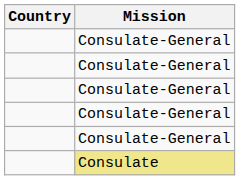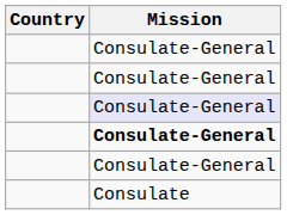 <table class=wikitable>
 <tr>
 <th>Country</th>
 <th>Mission</th>
 </tr>
 <tr>
 <td></td>
 <td>Consulate-General</td>
 </tr>
 <tr>
 <td></td>
 <td>Consulate-General</td>
 </tr>
 <tr>
 <td></td>
-<td>Consulate-General</td>
+<td style="background: lavender;">Consulate-General</td>
+</tr>
+<tr>
+<td></td>
+<td><strong>Consulate-General</strong></td>
 </tr>
 <tr>
 <td></td>
 <td>Consulate-General</td>
 </tr>
 <tr>
 <td></td>
-<td>Consulate-General</td>
-</tr>
-<tr>
-<td></td>
-<td style="background: khaki;">Consulate</td>
+<td>Consulate</td>
 </tr>
 </table>
